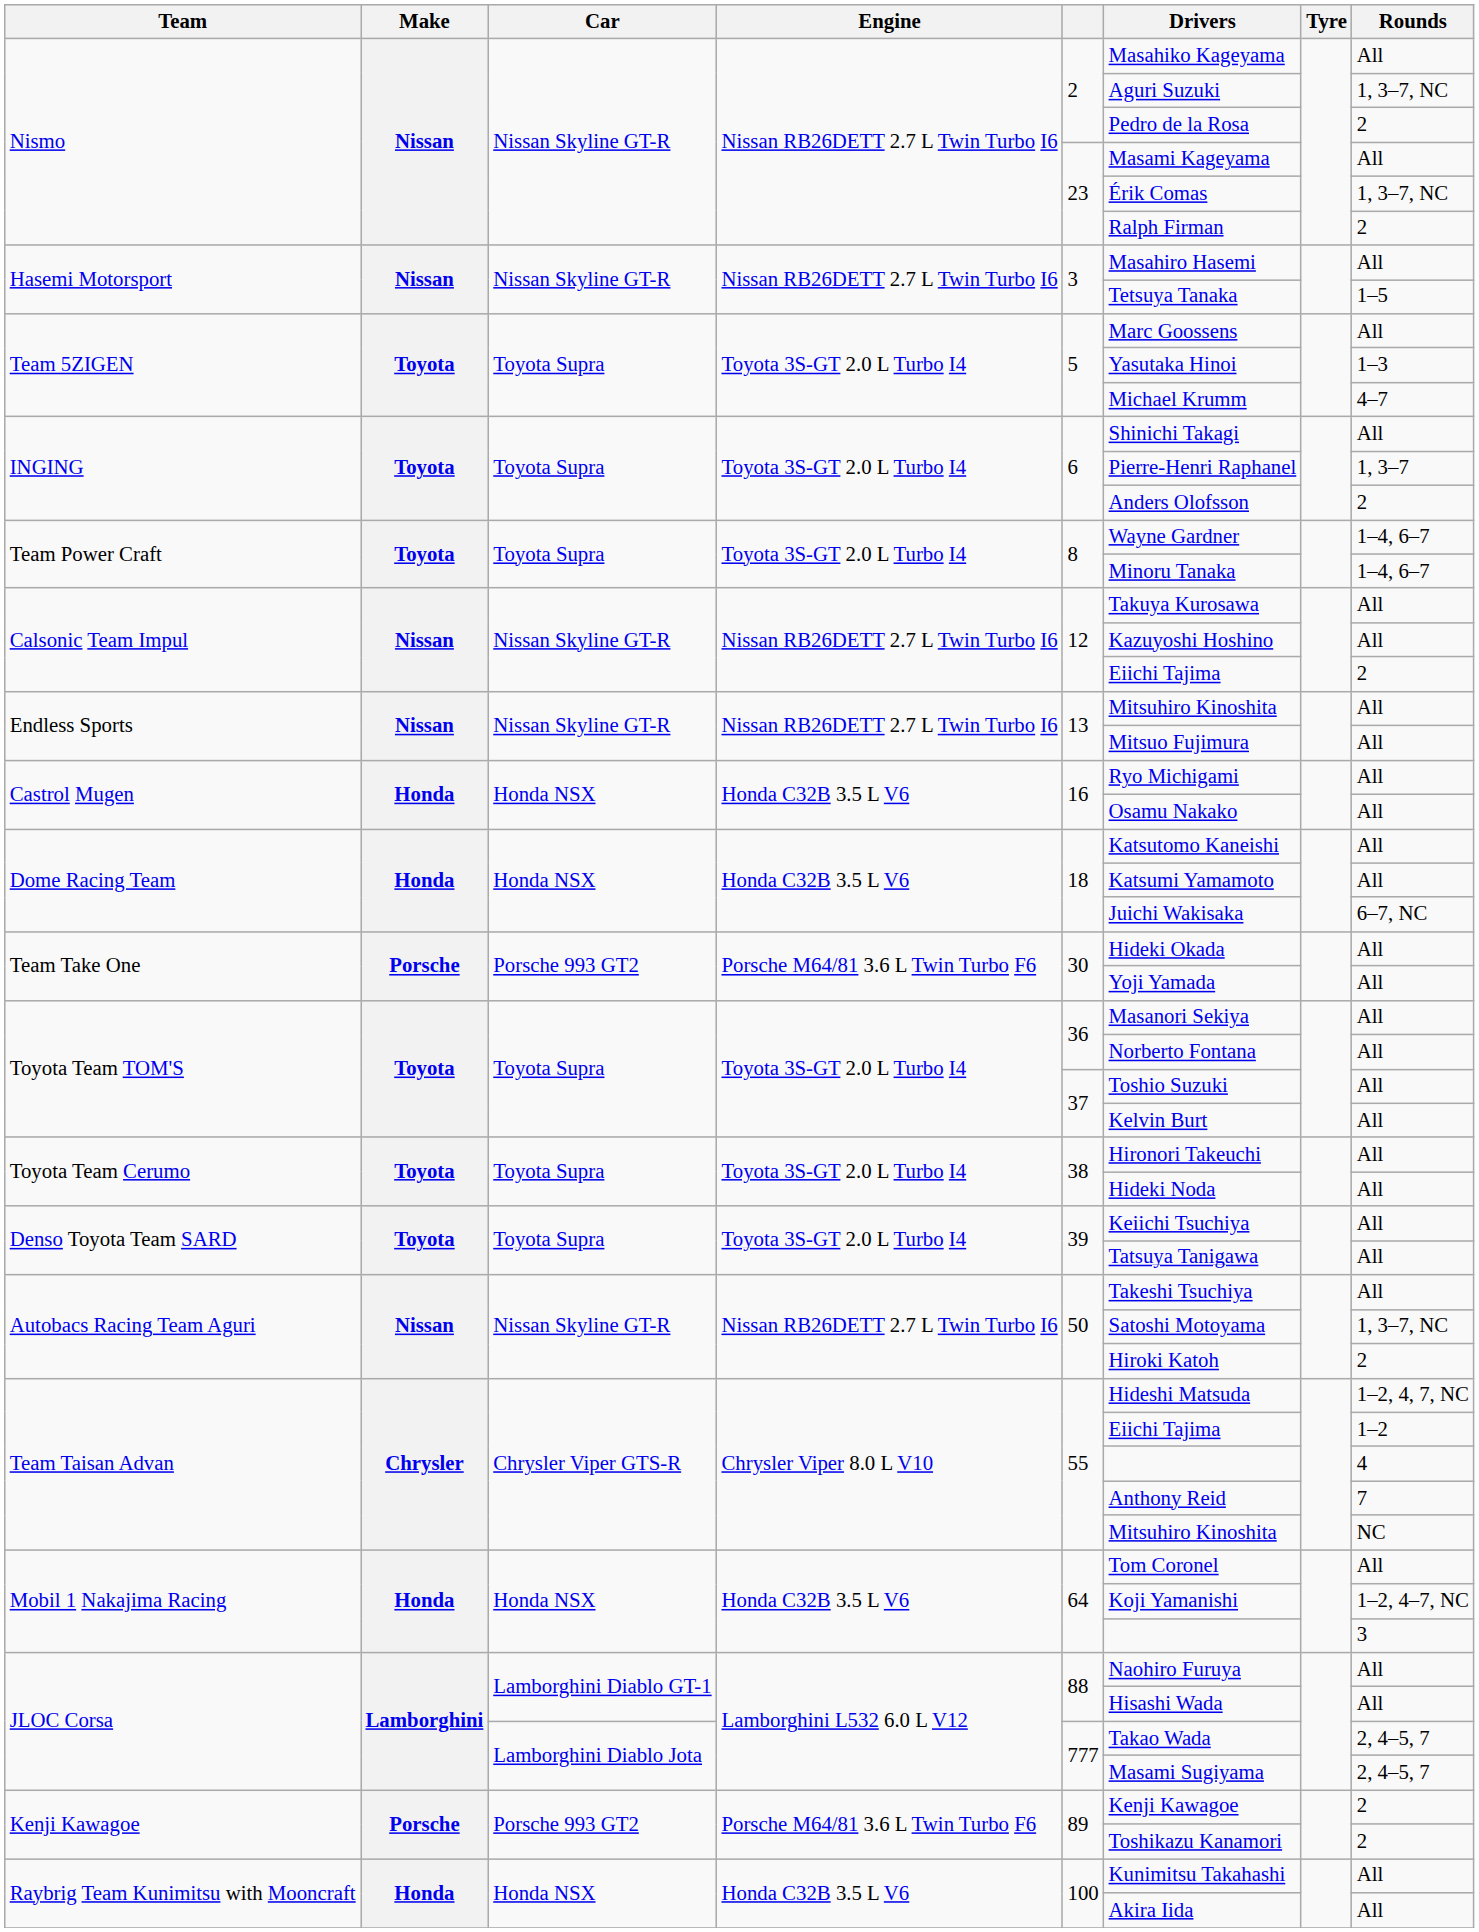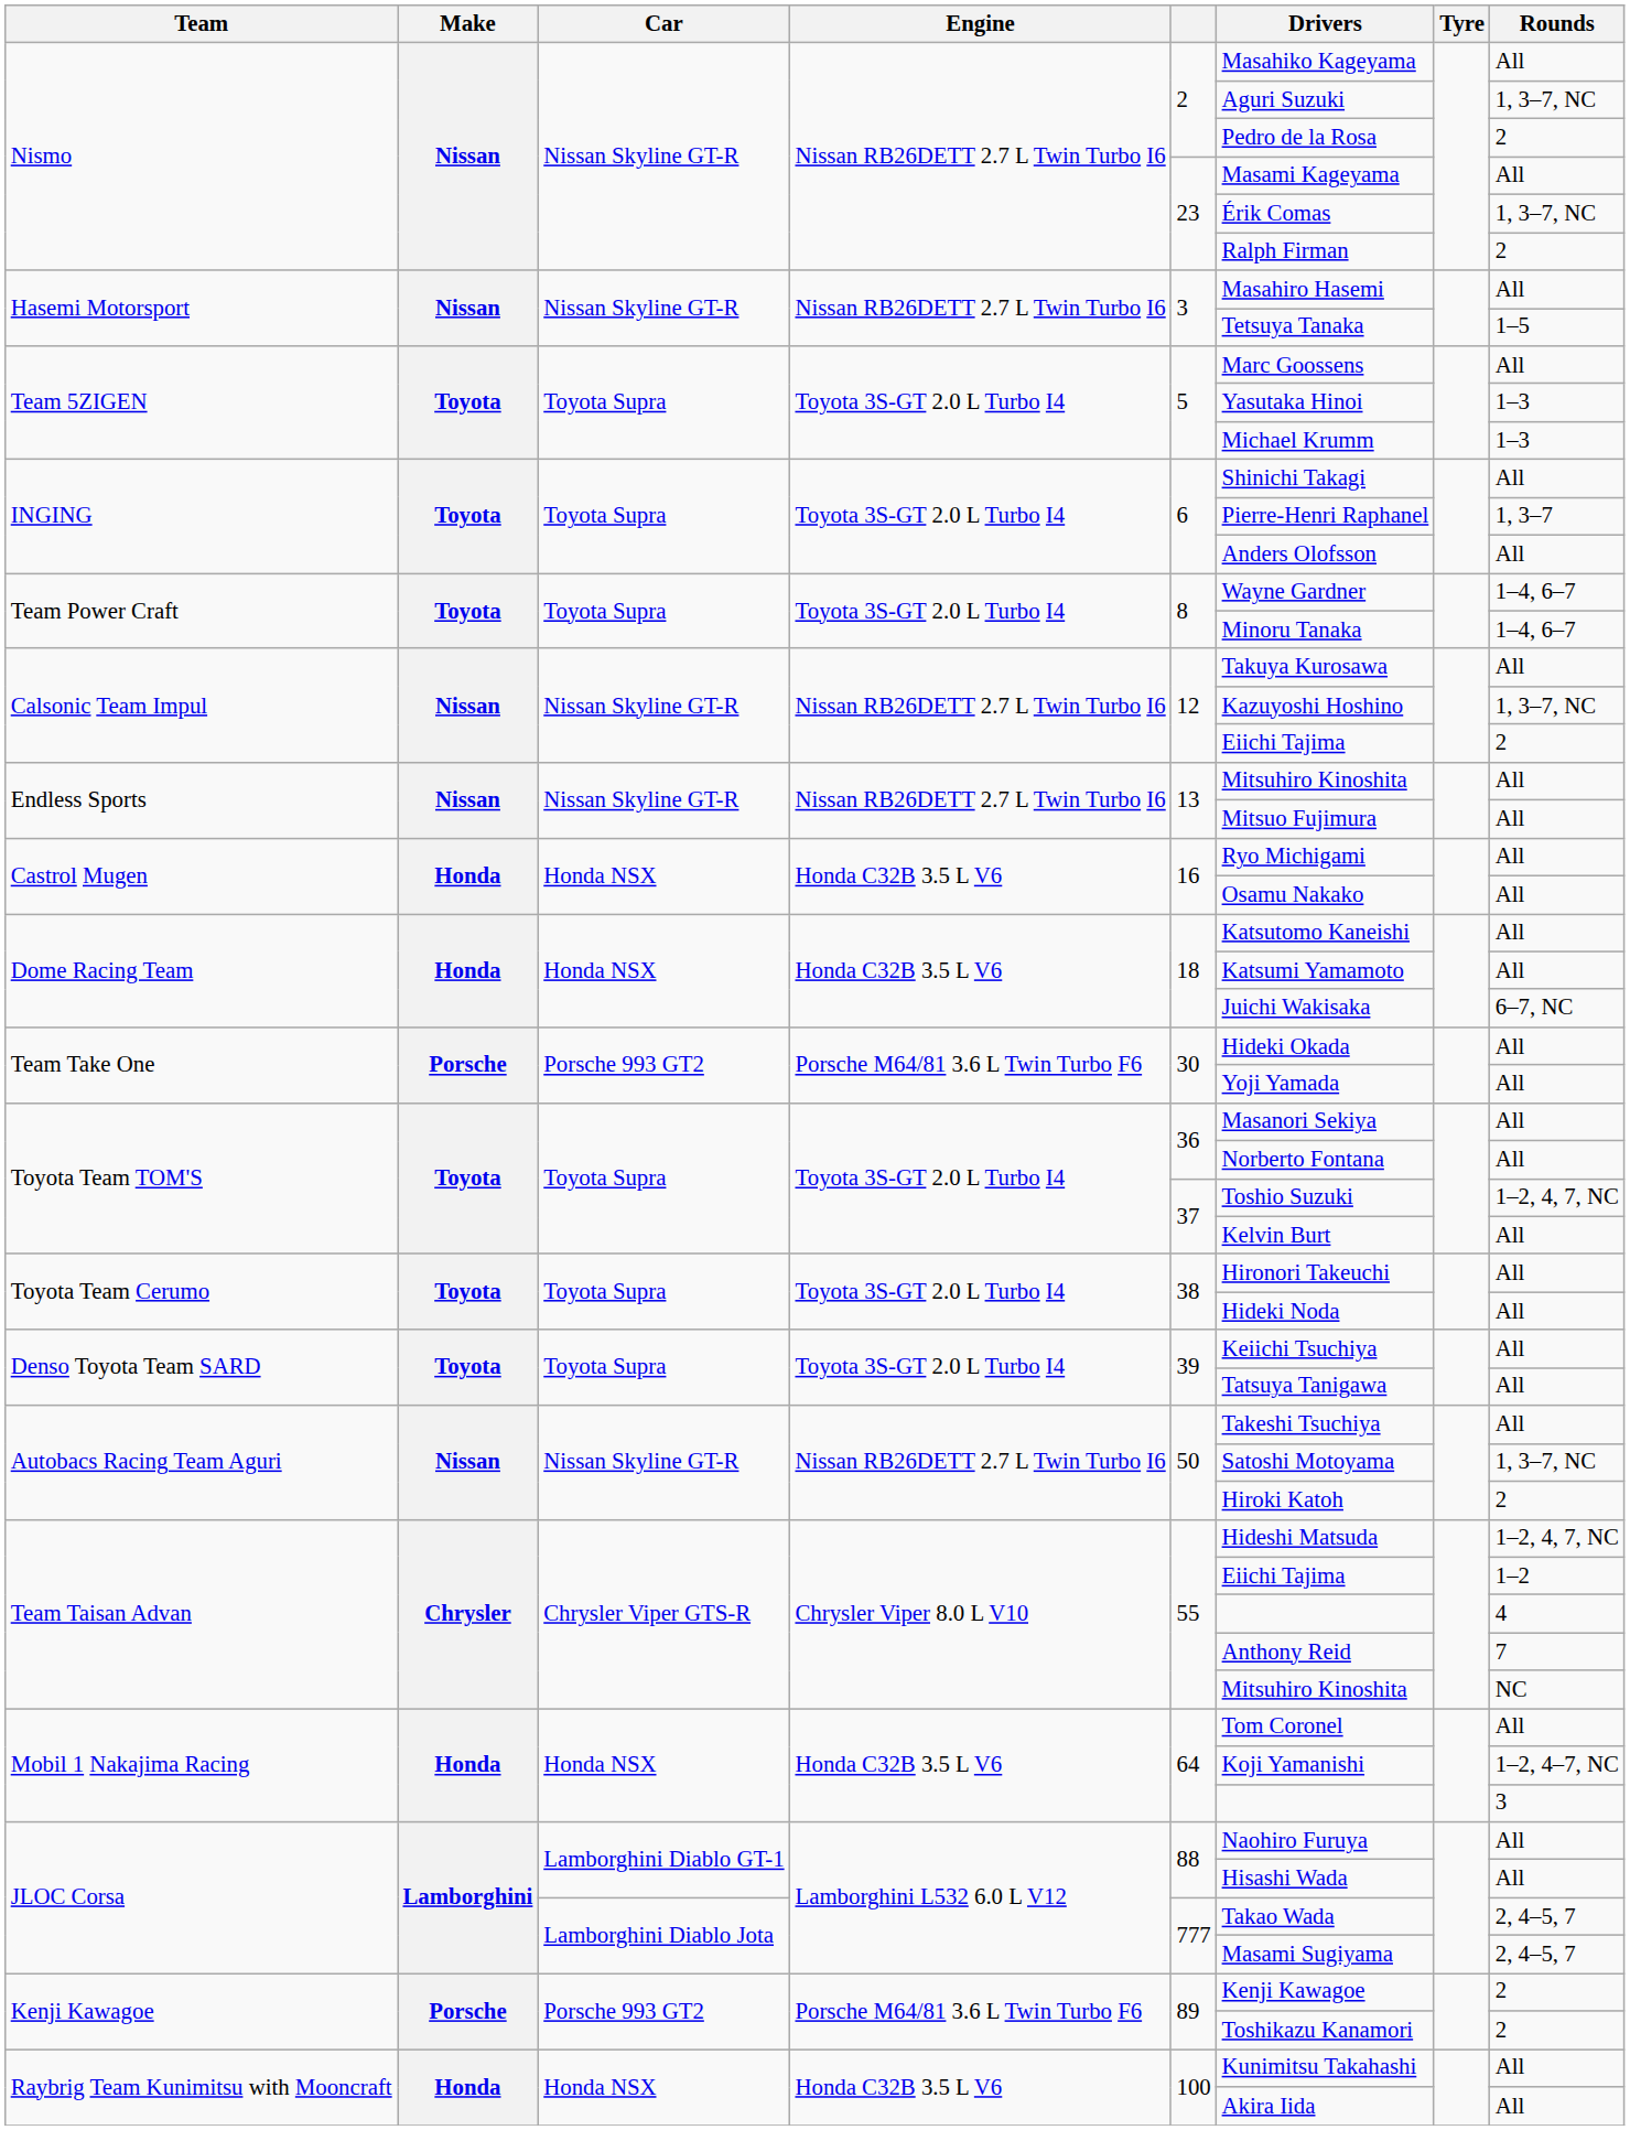 <table class="wikitable" style="font-size: 85%;">
 <tr>
 <th>Team</th>
 <th>Make</th>
 <th>Car</th>
 <th>Engine</th>
 <th></th>
 <th>Drivers</th>
 <th>Tyre</th>
 <th>Rounds</th>
 </tr>
 <tr>
 <td rowspan=6><a href='#'>Nismo</a></td>
 <th rowspan=6><a href='#'>Nissan</a></th>
 <td rowspan=6><a href='#'>Nissan Skyline GT-R</a></td>
 <td rowspan=6><a href='#'>Nissan RB26DETT</a> 2.7 L <a href='#'>Twin Turbo</a> <a href='#'>I6</a></td>
 <td rowspan=3>2</td>
 <td> <a href='#'>Masahiko Kageyama</a></td>
 <td rowspan=6 align="center"></td>
 <td>All</td>
 </tr>
 <tr>
 <td> <a href='#'>Aguri Suzuki</a></td>
 <td>1, 3–7, NC</td>
 </tr>
 <tr>
 <td> <a href='#'>Pedro de la Rosa</a></td>
 <td>2</td>
 </tr>
 <tr>
 <td rowspan=3>23</td>
 <td> <a href='#'>Masami Kageyama</a></td>
 <td>All</td>
 </tr>
 <tr>
 <td> <a href='#'>Érik Comas</a></td>
 <td>1, 3–7, NC</td>
 </tr>
 <tr>
 <td> <a href='#'>Ralph Firman</a></td>
 <td>2</td>
 </tr>
 <tr>
 <td rowspan=2><a href='#'>Hasemi Motorsport</a></td>
 <th rowspan=2><a href='#'>Nissan</a></th>
 <td rowspan=2><a href='#'>Nissan Skyline GT-R</a></td>
 <td rowspan=2><a href='#'>Nissan RB26DETT</a> 2.7 L <a href='#'>Twin Turbo</a> <a href='#'>I6</a></td>
 <td rowspan=2>3</td>
 <td> <a href='#'>Masahiro Hasemi</a></td>
 <td rowspan=2 align="center"></td>
 <td>All</td>
 </tr>
 <tr>
 <td> <a href='#'>Tetsuya Tanaka</a></td>
 <td>1–5</td>
 </tr>
 <tr>
 <td rowspan=3><a href='#'>Team 5ZIGEN</a></td>
 <th rowspan=3><a href='#'>Toyota</a></th>
 <td rowspan=3><a href='#'>Toyota Supra</a></td>
 <td rowspan=3><a href='#'>Toyota 3S-GT</a> 2.0 L <a href='#'>Turbo</a> <a href='#'>I4</a></td>
 <td rowspan=3>5</td>
 <td> <a href='#'>Marc Goossens</a></td>
 <td rowspan=3 align="center"></td>
 <td>All</td>
 </tr>
 <tr>
 <td> <a href='#'>Yasutaka Hinoi</a></td>
 <td>1–3</td>
 </tr>
 <tr>
 <td> <a href='#'>Michael Krumm</a></td>
-<td>4–7</td>
+<td>1–3</td>
 </tr>
 <tr>
 <td rowspan=3><a href='#'>INGING</a></td>
 <th rowspan=3><a href='#'>Toyota</a></th>
 <td rowspan=3><a href='#'>Toyota Supra</a></td>
 <td rowspan=3><a href='#'>Toyota 3S-GT</a> 2.0 L <a href='#'>Turbo</a> <a href='#'>I4</a></td>
 <td rowspan=3>6</td>
 <td> <a href='#'>Shinichi Takagi</a></td>
 <td rowspan=3 align="center"></td>
 <td>All</td>
 </tr>
 <tr>
 <td> <a href='#'>Pierre-Henri Raphanel</a></td>
 <td>1, 3–7</td>
 </tr>
 <tr>
 <td> <a href='#'>Anders Olofsson</a></td>
-<td>2</td>
+<td>All</td>
 </tr>
 <tr>
 <td rowspan=2>Team Power Craft</td>
 <th rowspan=2><a href='#'>Toyota</a></th>
 <td rowspan=2><a href='#'>Toyota Supra</a></td>
 <td rowspan=2><a href='#'>Toyota 3S-GT</a> 2.0 L <a href='#'>Turbo</a> <a href='#'>I4</a></td>
 <td rowspan=2>8</td>
 <td> <a href='#'>Wayne Gardner</a></td>
 <td rowspan=2 align="center"></td>
 <td>1–4, 6–7</td>
 </tr>
 <tr>
 <td> <a href='#'>Minoru Tanaka</a></td>
 <td>1–4, 6–7</td>
 </tr>
 <tr>
 <td rowspan=3><a href='#'>Calsonic</a> <a href='#'>Team Impul</a></td>
 <th rowspan=3><a href='#'>Nissan</a></th>
 <td rowspan=3><a href='#'>Nissan Skyline GT-R</a></td>
 <td rowspan=3><a href='#'>Nissan RB26DETT</a> 2.7 L <a href='#'>Twin Turbo</a> <a href='#'>I6</a></td>
 <td rowspan=3>12</td>
 <td> <a href='#'>Takuya Kurosawa</a></td>
 <td rowspan=3 align="center"></td>
 <td>All</td>
 </tr>
 <tr>
 <td> <a href='#'>Kazuyoshi Hoshino</a></td>
-<td>All</td>
+<td>1, 3–7, NC</td>
 </tr>
 <tr>
 <td> <a href='#'>Eiichi Tajima</a></td>
 <td>2</td>
 </tr>
 <tr>
 <td rowspan=2>Endless Sports</td>
 <th rowspan=2><a href='#'>Nissan</a></th>
 <td rowspan=2><a href='#'>Nissan Skyline GT-R</a></td>
 <td rowspan=2><a href='#'>Nissan RB26DETT</a> 2.7 L <a href='#'>Twin Turbo</a> <a href='#'>I6</a></td>
 <td rowspan=2>13</td>
 <td> <a href='#'>Mitsuhiro Kinoshita</a></td>
 <td rowspan=2 align="center"></td>
 <td>All</td>
 </tr>
 <tr>
 <td> <a href='#'>Mitsuo Fujimura</a></td>
 <td>All</td>
 </tr>
 <tr>
 <td rowspan=2><a href='#'>Castrol</a> <a href='#'>Mugen</a></td>
 <th rowspan=2><a href='#'>Honda</a></th>
 <td rowspan=2><a href='#'>Honda NSX</a></td>
 <td rowspan=2><a href='#'>Honda C32B</a> 3.5 L <a href='#'>V6</a></td>
 <td rowspan=2>16</td>
 <td> <a href='#'>Ryo Michigami</a></td>
 <td rowspan=2 align="center"></td>
 <td>All</td>
 </tr>
 <tr>
 <td> <a href='#'>Osamu Nakako</a></td>
 <td>All</td>
 </tr>
 <tr>
 <td rowspan=3><a href='#'>Dome Racing Team</a></td>
 <th rowspan=3><a href='#'>Honda</a></th>
 <td rowspan=3><a href='#'>Honda NSX</a></td>
 <td rowspan=3><a href='#'>Honda C32B</a> 3.5 L <a href='#'>V6</a></td>
 <td rowspan=3>18</td>
 <td> <a href='#'>Katsutomo Kaneishi</a></td>
 <td rowspan=3 align="center"></td>
 <td>All</td>
 </tr>
 <tr>
 <td> <a href='#'>Katsumi Yamamoto</a></td>
 <td>All</td>
 </tr>
 <tr>
 <td> <a href='#'>Juichi Wakisaka</a></td>
 <td>6–7, NC</td>
 </tr>
 <tr>
 <td rowspan=2>Team Take One</td>
 <th rowspan=2><a href='#'>Porsche</a></th>
 <td rowspan=2><a href='#'>Porsche 993 GT2</a></td>
 <td rowspan=2><a href='#'>Porsche M64/81</a> 3.6 L <a href='#'>Twin Turbo</a> <a href='#'>F6</a></td>
 <td rowspan=2>30</td>
 <td> <a href='#'>Hideki Okada</a></td>
 <td rowspan=2 align="center"></td>
 <td>All</td>
 </tr>
 <tr>
 <td> <a href='#'>Yoji Yamada</a></td>
 <td>All</td>
 </tr>
 <tr>
 <td rowspan=4>Toyota Team <a href='#'>TOM'S</a></td>
 <th rowspan=4><a href='#'>Toyota</a></th>
 <td rowspan=4><a href='#'>Toyota Supra</a></td>
 <td rowspan=4><a href='#'>Toyota 3S-GT</a> 2.0 L <a href='#'>Turbo</a> <a href='#'>I4</a></td>
 <td rowspan=2>36</td>
 <td> <a href='#'>Masanori Sekiya</a></td>
 <td rowspan=4 align="center"></td>
 <td>All</td>
 </tr>
 <tr>
 <td> <a href='#'>Norberto Fontana</a></td>
 <td>All</td>
 </tr>
 <tr>
 <td rowspan=2>37</td>
 <td> <a href='#'>Toshio Suzuki</a></td>
-<td>All</td>
+<td>1–2, 4, 7, NC</td>
 </tr>
 <tr>
 <td> <a href='#'>Kelvin Burt</a></td>
 <td>All</td>
 </tr>
 <tr>
 <td rowspan=2>Toyota Team <a href='#'>Cerumo</a></td>
 <th rowspan=2><a href='#'>Toyota</a></th>
 <td rowspan=2><a href='#'>Toyota Supra</a></td>
 <td rowspan=2><a href='#'>Toyota 3S-GT</a> 2.0 L <a href='#'>Turbo</a> <a href='#'>I4</a></td>
 <td rowspan=2>38</td>
 <td> <a href='#'>Hironori Takeuchi</a></td>
 <td rowspan=2 align="center"></td>
 <td>All</td>
 </tr>
 <tr>
 <td> <a href='#'>Hideki Noda</a></td>
 <td>All</td>
 </tr>
 <tr>
 <td rowspan=2><a href='#'>Denso</a> Toyota Team <a href='#'>SARD</a></td>
 <th rowspan=2><a href='#'>Toyota</a></th>
 <td rowspan=2><a href='#'>Toyota Supra</a></td>
 <td rowspan=2><a href='#'>Toyota 3S-GT</a> 2.0 L <a href='#'>Turbo</a> <a href='#'>I4</a></td>
 <td rowspan=2>39</td>
 <td> <a href='#'>Keiichi Tsuchiya</a></td>
 <td rowspan=2 align="center"></td>
 <td>All</td>
 </tr>
 <tr>
 <td> <a href='#'>Tatsuya Tanigawa</a></td>
 <td>All</td>
 </tr>
 <tr>
 <td rowspan=3><a href='#'>Autobacs Racing Team Aguri</a></td>
 <th rowspan=3><a href='#'>Nissan</a></th>
 <td rowspan=3><a href='#'>Nissan Skyline GT-R</a></td>
 <td rowspan=3><a href='#'>Nissan RB26DETT</a> 2.7 L <a href='#'>Twin Turbo</a> <a href='#'>I6</a></td>
 <td rowspan=3>50</td>
 <td> <a href='#'>Takeshi Tsuchiya</a></td>
 <td rowspan=3 align="center"></td>
 <td>All</td>
 </tr>
 <tr>
 <td> <a href='#'>Satoshi Motoyama</a></td>
 <td>1, 3–7, NC</td>
 </tr>
 <tr>
 <td> <a href='#'>Hiroki Katoh</a></td>
 <td>2</td>
 </tr>
 <tr>
 <td rowspan=5><a href='#'>Team Taisan Advan</a></td>
 <th rowspan=5><a href='#'>Chrysler</a></th>
 <td rowspan=5><a href='#'>Chrysler Viper GTS-R</a></td>
 <td rowspan=5><a href='#'>Chrysler Viper</a> 8.0 L <a href='#'>V10</a></td>
 <td rowspan=5>55</td>
 <td> <a href='#'>Hideshi Matsuda</a></td>
 <td rowspan=5 align="center"></td>
 <td>1–2, 4, 7, NC</td>
 </tr>
 <tr>
 <td> <a href='#'>Eiichi Tajima</a></td>
 <td>1–2</td>
 </tr>
 <tr>
 <td> </td>
 <td>4</td>
 </tr>
 <tr>
 <td> <a href='#'>Anthony Reid</a></td>
 <td>7</td>
 </tr>
 <tr>
 <td> <a href='#'>Mitsuhiro Kinoshita</a></td>
 <td>NC</td>
 </tr>
 <tr>
 <td rowspan=3><a href='#'>Mobil 1</a> <a href='#'>Nakajima Racing</a></td>
 <th rowspan=3><a href='#'>Honda</a></th>
 <td rowspan=3><a href='#'>Honda NSX</a></td>
 <td rowspan=3><a href='#'>Honda C32B</a> 3.5 L <a href='#'>V6</a></td>
 <td rowspan=3>64</td>
 <td> <a href='#'>Tom Coronel</a></td>
 <td rowspan=3 align="center"></td>
 <td>All</td>
 </tr>
 <tr>
 <td> <a href='#'>Koji Yamanishi</a></td>
 <td>1–2, 4–7, NC</td>
 </tr>
 <tr>
 <td> </td>
 <td>3</td>
 </tr>
 <tr>
 <td rowspan=4><a href='#'>JLOC Corsa</a></td>
 <th rowspan=4><a href='#'>Lamborghini</a></th>
 <td rowspan=2><a href='#'>Lamborghini Diablo GT-1</a></td>
 <td rowspan=4><a href='#'>Lamborghini L532</a> 6.0 L <a href='#'>V12</a></td>
 <td rowspan=2>88</td>
 <td> <a href='#'>Naohiro Furuya</a></td>
 <td rowspan=4 align="center"></td>
 <td>All</td>
 </tr>
 <tr>
 <td> <a href='#'>Hisashi Wada</a></td>
 <td>All</td>
 </tr>
 <tr>
 <td rowspan=2><a href='#'>Lamborghini Diablo Jota</a></td>
 <td rowspan=2>777</td>
 <td> <a href='#'>Takao Wada</a></td>
 <td>2, 4–5, 7</td>
 </tr>
 <tr>
 <td> <a href='#'>Masami Sugiyama</a></td>
 <td>2, 4–5, 7</td>
 </tr>
 <tr>
 <td rowspan=2><a href='#'>Kenji Kawagoe</a></td>
 <th rowspan=2><a href='#'>Porsche</a></th>
 <td rowspan=2><a href='#'>Porsche 993 GT2</a></td>
 <td rowspan=2><a href='#'>Porsche M64/81</a> 3.6 L <a href='#'>Twin Turbo</a> <a href='#'>F6</a></td>
 <td rowspan=2>89</td>
 <td> <a href='#'>Kenji Kawagoe</a></td>
 <td rowspan=2 align="center"></td>
 <td>2</td>
 </tr>
 <tr>
 <td> <a href='#'>Toshikazu Kanamori</a></td>
 <td>2</td>
 </tr>
 <tr>
 <td rowspan=2><a href='#'>Raybrig</a> <a href='#'>Team Kunimitsu</a> with <a href='#'>Mooncraft</a></td>
 <th rowspan=2><a href='#'>Honda</a></th>
 <td rowspan=2><a href='#'>Honda NSX</a></td>
 <td rowspan=2><a href='#'>Honda C32B</a> 3.5 L <a href='#'>V6</a></td>
 <td rowspan=2>100</td>
 <td> <a href='#'>Kunimitsu Takahashi</a></td>
 <td rowspan=2 align="center"></td>
 <td>All</td>
 </tr>
 <tr>
 <td> <a href='#'>Akira Iida</a></td>
 <td>All</td>
 </tr>
 </table>
